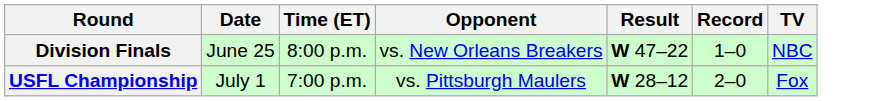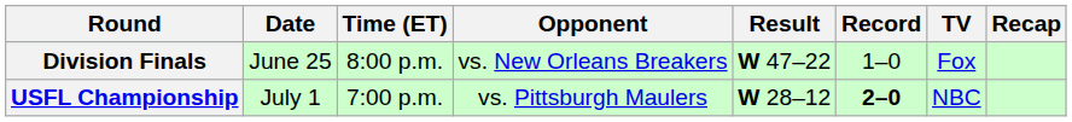 <table class="wikitable" style="text-align:center">
 <tr>
 <th>Round</th>
 <th>Date</th>
 <th>Time (ET)</th>
 <th>Opponent</th>
 <th>Result</th>
 <th>Record</th>
 <th>TV</th>
+<th>Recap</th>
 </tr>
 <tr style="background:#ccffcc">
 <th>Division Finals</th>
 <td>June 25</td>
 <td>8:00 p.m.</td>
 <td>vs. <a href='#'>New Orleans Breakers</a></td>
 <td><strong>W</strong> 47–22</td>
 <td>1–0</td>
-<td><a href='#'>NBC</a></td>
+<td><a href='#'>Fox</a></td>
+<td></td>
 </tr>
 <tr style="background:#ccffcc">
 <th><a href='#'>USFL Championship</a></th>
 <td>July 1</td>
 <td>7:00 p.m.</td>
 <td>vs. <a href='#'>Pittsburgh Maulers</a></td>
 <td><strong>W</strong> 28–12</td>
-<td>2–0</td>
-<td><a href='#'>Fox</a></td>
+<td><strong>2–0</strong></td>
+<td><a href='#'>NBC</a></td>
+<td></td>
 </tr>
 </table>
